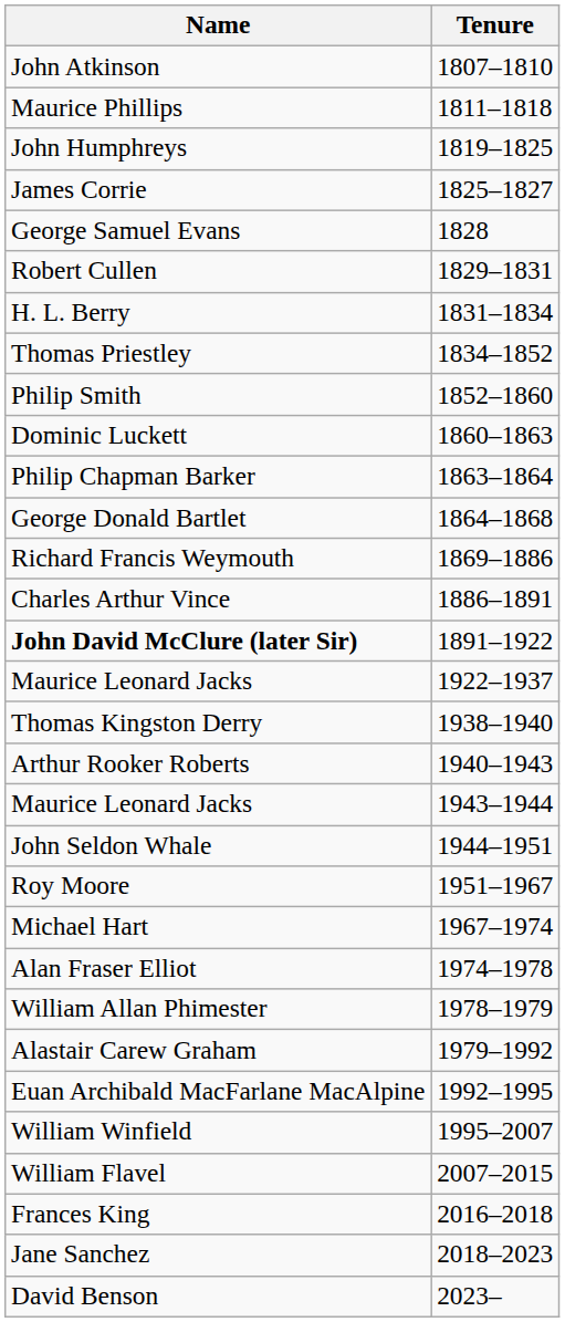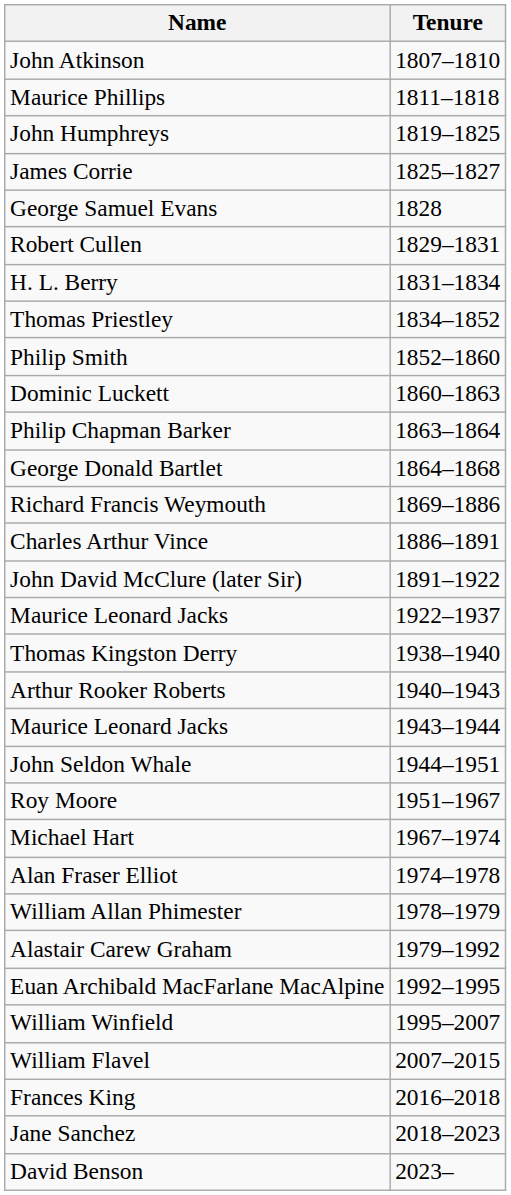 <table class="wikitable">
 <tr>
 <th>Name</th>
 <th>Tenure</th>
 </tr>
 <tr>
 <td>John Atkinson</td>
 <td>1807–1810</td>
 </tr>
 <tr>
 <td>Maurice Phillips</td>
 <td>1811–1818</td>
 </tr>
 <tr>
 <td>John Humphreys</td>
 <td>1819–1825</td>
 </tr>
 <tr>
 <td>James Corrie</td>
 <td>1825–1827</td>
 </tr>
 <tr>
 <td>George Samuel Evans</td>
 <td>1828</td>
 </tr>
 <tr>
 <td>Robert Cullen</td>
 <td>1829–1831</td>
 </tr>
 <tr>
 <td>H. L. Berry</td>
 <td>1831–1834</td>
 </tr>
 <tr>
 <td>Thomas Priestley</td>
 <td>1834–1852</td>
 </tr>
 <tr>
 <td>Philip Smith</td>
 <td>1852–1860</td>
 </tr>
 <tr>
 <td>Dominic Luckett</td>
 <td>1860–1863</td>
 </tr>
 <tr>
 <td>Philip Chapman Barker</td>
 <td>1863–1864</td>
 </tr>
 <tr>
 <td>George Donald Bartlet</td>
 <td>1864–1868</td>
 </tr>
 <tr>
 <td>Richard Francis Weymouth</td>
 <td>1869–1886</td>
 </tr>
 <tr>
 <td>Charles Arthur Vince</td>
 <td>1886–1891</td>
 </tr>
 <tr>
-<td><strong>John David McClure (later Sir)</strong></td>
+<td>John David McClure (later Sir)</td>
 <td>1891–1922</td>
 </tr>
 <tr>
 <td>Maurice Leonard Jacks</td>
 <td>1922–1937</td>
 </tr>
 <tr>
 <td>Thomas Kingston Derry</td>
 <td>1938–1940</td>
 </tr>
 <tr>
 <td>Arthur Rooker Roberts</td>
 <td>1940–1943</td>
 </tr>
 <tr>
 <td>Maurice Leonard Jacks</td>
 <td>1943–1944</td>
 </tr>
 <tr>
 <td>John Seldon Whale</td>
 <td>1944–1951</td>
 </tr>
 <tr>
 <td>Roy Moore</td>
 <td>1951–1967</td>
 </tr>
 <tr>
 <td>Michael Hart</td>
 <td>1967–1974</td>
 </tr>
 <tr>
 <td>Alan Fraser Elliot</td>
 <td>1974–1978</td>
 </tr>
 <tr>
 <td>William Allan Phimester</td>
 <td>1978–1979</td>
 </tr>
 <tr>
 <td>Alastair Carew Graham</td>
 <td>1979–1992</td>
 </tr>
 <tr>
 <td>Euan Archibald MacFarlane MacAlpine</td>
 <td>1992–1995</td>
 </tr>
 <tr>
 <td>William Winfield</td>
 <td>1995–2007</td>
 </tr>
 <tr>
 <td>William Flavel</td>
 <td>2007–2015</td>
 </tr>
 <tr>
 <td>Frances King</td>
 <td>2016–2018</td>
 </tr>
 <tr>
 <td>Jane Sanchez</td>
 <td>2018–2023</td>
 </tr>
 <tr>
 <td>David Benson</td>
 <td>2023–</td>
 </tr>
 </table>
